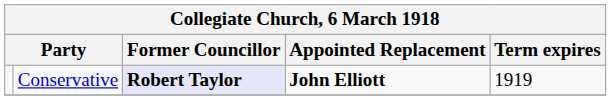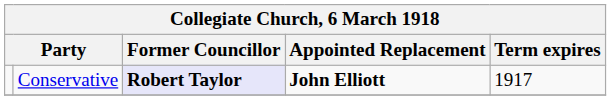 <table class="wikitable">
 <tr>
 <th colspan="5"><strong>Collegiate Church, 6 March 1918</strong></th>
 </tr>
 <tr>
 <th colspan="2">Party</th>
 <th>Former Councillor</th>
 <th>Appointed Replacement</th>
 <th>Term expires</th>
 </tr>
 <tr>
 <td style="background-color:"></td>
 <td><a href='#'>Conservative</a></td>
 <td style="background: lavender;"><strong>Robert Taylor</strong></td>
 <td><strong>John Elliott</strong></td>
-<td>1919</td>
+<td>1917</td>
 </tr>
 <tr>
 </tr>
 </table>
